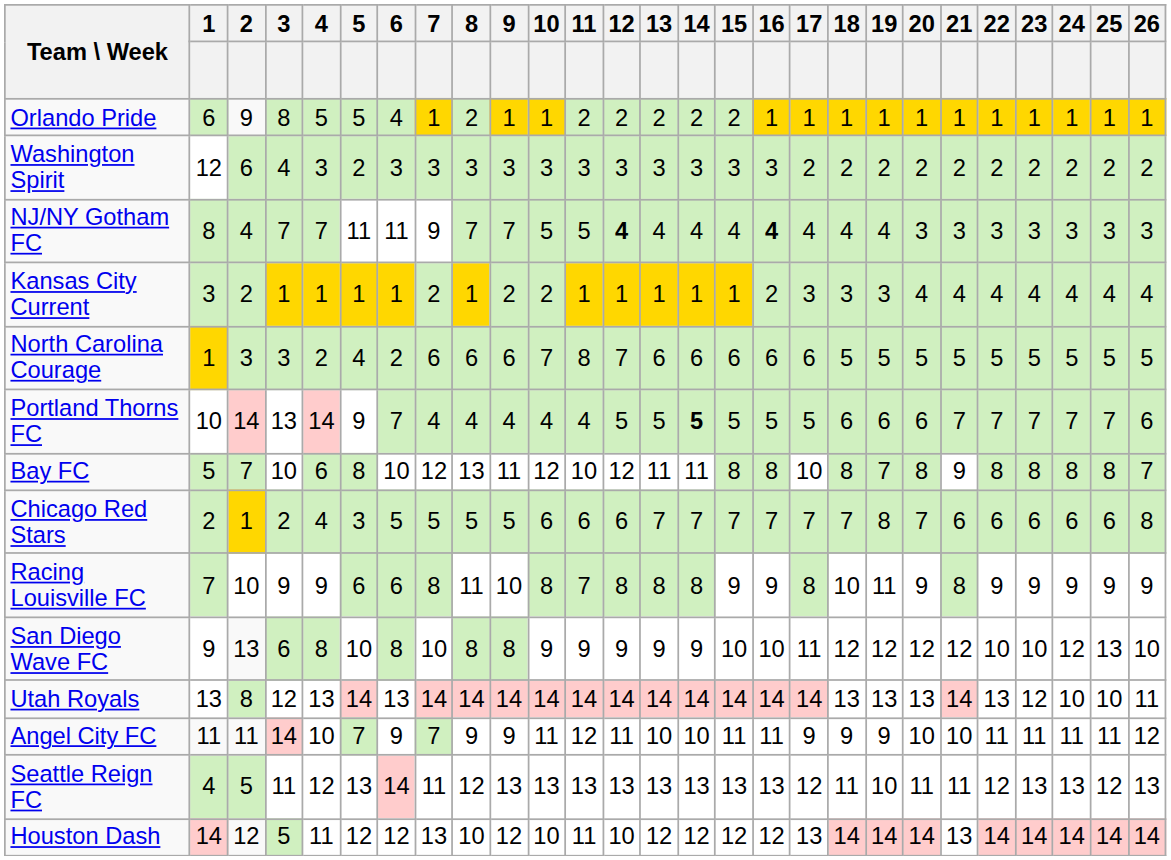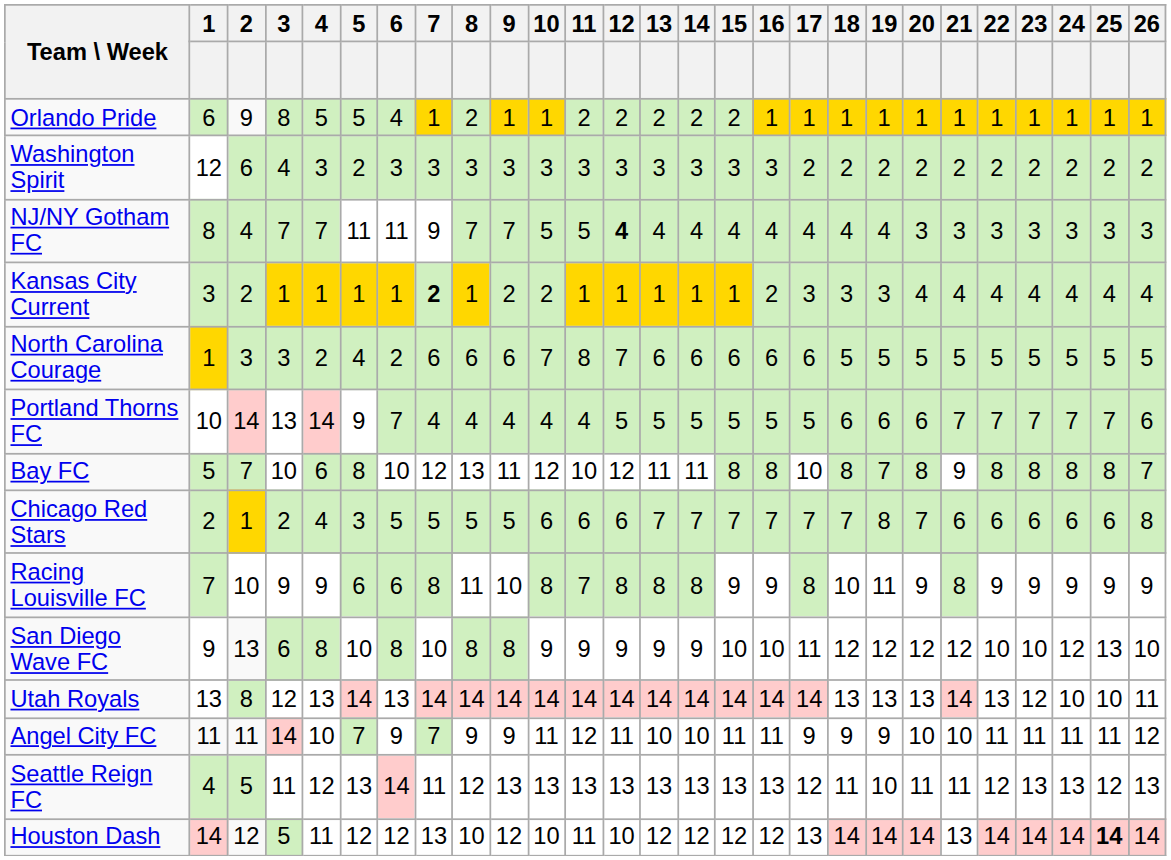 <table class="wikitable sortable" style="font-size: 85%; text-align:center;">
 <tr>
 <th rowspan="2" style="width:100px;">Team \ Week</th>
 <th align=center>1</th>
 <th align=center>2</th>
 <th align=center>3</th>
 <th align=center>4</th>
 <th align=center>5</th>
 <th align=center>6</th>
 <th align=center>7</th>
 <th align=center>8</th>
 <th align=center>9</th>
 <th align=center>10</th>
 <th align=center>11</th>
 <th align=center>12</th>
 <th align=center>13</th>
 <th align=center>14</th>
 <th align=center>15</th>
 <th align=center>16</th>
 <th align=center>17</th>
 <th align=center>18</th>
 <th align=center>19</th>
 <th align=center>20</th>
 <th align=center>21</th>
 <th align=center>22</th>
 <th align=center>23</th>
 <th align=center>24</th>
 <th align=center>25</th>
 <th align=center>26</th>
 </tr>
 <tr>
 <th style="text-align:center; height:26px;"></th>
 <th align=center></th>
 <th align=center></th>
 <th align=center></th>
 <th align=center></th>
 <th align=center></th>
 <th align=center></th>
 <th align=center></th>
 <th align=center></th>
 <th align=center></th>
 <th align=center></th>
 <th align=center></th>
 <th align=center></th>
 <th align=center></th>
 <th align=center></th>
 <th align=center></th>
 <th align=center></th>
 <th align=center></th>
 <th align=center></th>
 <th align=center></th>
 <th align=center></th>
 <th align=center></th>
 <th align=center></th>
 <th align=center></th>
 <th align=center></th>
 <th align=center></th>
 </tr>
 <tr align=center>
 <td align=left><a href='#'>Orlando Pride</a></td>
 <td style="background:#D0F0C0">6</td>
 <td style="background:#white;">9</td>
 <td style="background:#D0F0C0;">8</td>
 <td style="background:#D0F0C0">5</td>
 <td style="background:#D0F0C0;">5</td>
 <td style="background:#D0F0C0;">4</td>
 <td style="background:gold;">1</td>
 <td style="background:#D0F0C0;">2</td>
 <td style="background:gold;">1</td>
 <td style="background:gold;">1</td>
 <td style="background:#D0F0C0;">2</td>
 <td style="background:#D0F0C0;">2</td>
 <td style="background:#D0F0C0;">2</td>
 <td style="background:#D0F0C0;">2</td>
 <td style="background:#D0F0C0;">2</td>
 <td style="background:gold;">1</td>
 <td style="background:gold;">1</td>
 <td style="background:gold;">1</td>
 <td style="background:gold;">1</td>
 <td style="background:gold;">1</td>
 <td style="background:gold;">1</td>
 <td style="background:gold;">1</td>
 <td style="background:gold;">1</td>
 <td style="background:gold;">1</td>
 <td style="background:gold;">1</td>
 <td style="background:gold;">1</td>
 </tr>
 <tr align=center>
 <td align=left><a href='#'>Washington Spirit</a></td>
 <td style="background:white;">12</td>
 <td style="background:#D0F0C0;">6</td>
 <td style="background:#D0F0C0;">4</td>
 <td style="background:#D0F0C0">3</td>
 <td style="background:#D0F0C0;">2</td>
 <td style="background:#D0F0C0;">3</td>
 <td style="background:#D0F0C0;">3</td>
 <td style="background:#D0F0C0;">3</td>
 <td style="background:#D0F0C0;">3</td>
 <td style="background:#D0F0C0;">3</td>
 <td style="background:#D0F0C0;">3</td>
 <td style="background:#D0F0C0;">3</td>
 <td style="background:#D0F0C0;">3</td>
 <td style="background:#D0F0C0;">3</td>
 <td style="background:#D0F0C0;">3</td>
 <td style="background:#D0F0C0;">3</td>
 <td style="background:#D0F0C0;">2</td>
 <td style="background:#D0F0C0;">2</td>
 <td style="background:#D0F0C0;">2</td>
 <td style="background:#D0F0C0;">2</td>
 <td style="background:#D0F0C0;">2</td>
 <td style="background:#D0F0C0;">2</td>
 <td style="background:#D0F0C0;">2</td>
 <td style="background:#D0F0C0;">2</td>
 <td style="background:#D0F0C0;">2</td>
 <td style="background:#D0F0C0;">2</td>
 </tr>
 <tr align=center>
 <td align=left><a href='#'>NJ/NY Gotham FC</a></td>
 <td style="background:#D0F0C0">8</td>
 <td style="background:#D0F0C0">4</td>
 <td style="background:#D0F0C0;">7</td>
 <td style="background:#D0F0C0">7</td>
 <td style="background:white;">11</td>
 <td style="background:white;">11</td>
 <td style="background:white;">9</td>
 <td style="background:#D0F0C0;">7</td>
 <td style="background:#D0F0C0;">7</td>
 <td style="background:#D0F0C0;">5</td>
 <td style="background:#D0F0C0;">5</td>
 <td style="background:#D0F0C0;"><strong>4</strong></td>
 <td style="background:#D0F0C0;">4</td>
 <td style="background:#D0F0C0;">4</td>
 <td style="background:#D0F0C0;">4</td>
-<td style="background:#D0F0C0;"><strong>4</strong></td>
+<td style="background:#D0F0C0;">4</td>
 <td style="background:#D0F0C0;">4</td>
 <td style="background:#D0F0C0;">4</td>
 <td style="background:#D0F0C0;">4</td>
 <td style="background:#D0F0C0;">3</td>
 <td style="background:#D0F0C0;">3</td>
 <td style="background:#D0F0C0;">3</td>
 <td style="background:#D0F0C0;">3</td>
 <td style="background:#D0F0C0;">3</td>
 <td style="background:#D0F0C0;">3</td>
 <td style="background:#D0F0C0;">3</td>
 </tr>
 <tr align=center>
 <td align=left><a href='#'>Kansas City Current</a></td>
 <td style="background:#D0F0C0">3</td>
 <td style="background:#D0F0C0">2</td>
 <td style="background:gold;">1</td>
 <td style="background:gold;">1</td>
 <td style="background:gold;">1</td>
 <td style="background:gold;">1</td>
-<td style="background:#D0F0C0;">2</td>
+<td style="background:#D0F0C0;"><strong>2</strong></td>
 <td style="background:gold;">1</td>
 <td style="background:#D0F0C0;">2</td>
 <td style="background:#D0F0C0;">2</td>
 <td style="background:gold;">1</td>
 <td style="background:gold;">1</td>
 <td style="background:gold;">1</td>
 <td style="background:gold;">1</td>
 <td style="background:gold;">1</td>
 <td style="background:#D0F0C0;">2</td>
 <td style="background:#D0F0C0;">3</td>
 <td style="background:#D0F0C0;">3</td>
 <td style="background:#D0F0C0;">3</td>
 <td style="background:#D0F0C0;">4</td>
 <td style="background:#D0F0C0;">4</td>
 <td style="background:#D0F0C0;">4</td>
 <td style="background:#D0F0C0;">4</td>
 <td style="background:#D0F0C0;">4</td>
 <td style="background:#D0F0C0;">4</td>
 <td style="background:#D0F0C0;">4</td>
 </tr>
 <tr align=center>
 <td align=left><a href='#'>North Carolina Courage</a></td>
 <td style="background:gold;">1</td>
 <td style="background:#D0F0C0">3</td>
 <td style="background:#D0F0C0">3</td>
 <td style="background:#D0F0C0">2</td>
 <td style="background:#D0F0C0;">4</td>
 <td style="background:#D0F0C0;">2</td>
 <td style="background:#D0F0C0;">6</td>
 <td style="background:#D0F0C0;">6</td>
 <td style="background:#D0F0C0;">6</td>
 <td style="background:#D0F0C0;">7</td>
 <td style="background:#D0F0C0;">8</td>
 <td style="background:#D0F0C0;">7</td>
 <td style="background:#D0F0C0;">6</td>
 <td style="background:#D0F0C0;">6</td>
 <td style="background:#D0F0C0;">6</td>
 <td style="background:#D0F0C0;">6</td>
 <td style="background:#D0F0C0;">6</td>
 <td style="background:#D0F0C0;">5</td>
 <td style="background:#D0F0C0;">5</td>
 <td style="background:#D0F0C0;">5</td>
 <td style="background:#D0F0C0;">5</td>
 <td style="background:#D0F0C0;">5</td>
 <td style="background:#D0F0C0;">5</td>
 <td style="background:#D0F0C0;">5</td>
 <td style="background:#D0F0C0;">5</td>
 <td style="background:#D0F0C0;">5</td>
 </tr>
 <tr align=center>
 <td align=left><a href='#'>Portland Thorns FC</a></td>
 <td style="background:white">10</td>
 <td style="background:#fcc;">14</td>
 <td style="background:white;">13</td>
 <td style="background:#fcc;">14</td>
 <td style="background:white;">9</td>
 <td style="background:#D0F0C0;">7</td>
 <td style="background:#D0F0C0;">4</td>
 <td style="background:#D0F0C0;">4</td>
 <td style="background:#D0F0C0;">4</td>
 <td style="background:#D0F0C0;">4</td>
 <td style="background:#D0F0C0;">4</td>
 <td style="background:#D0F0C0;">5</td>
 <td style="background:#D0F0C0;">5</td>
-<td style="background:#D0F0C0;"><strong>5</strong></td>
+<td style="background:#D0F0C0;">5</td>
 <td style="background:#D0F0C0;">5</td>
 <td style="background:#D0F0C0;">5</td>
 <td style="background:#D0F0C0;">5</td>
 <td style="background:#D0F0C0;">6</td>
 <td style="background:#D0F0C0;">6</td>
 <td style="background:#D0F0C0;">6</td>
 <td style="background:#D0F0C0;">7</td>
 <td style="background:#D0F0C0;">7</td>
 <td style="background:#D0F0C0;">7</td>
 <td style="background:#D0F0C0;">7</td>
 <td style="background:#D0F0C0;">7</td>
 <td style="background:#D0F0C0;">6</td>
 </tr>
 <tr align=center>
 <td align=left><a href='#'>Bay FC</a></td>
 <td style="background:#D0F0C0;">5</td>
 <td style="background:#D0F0C0;">7</td>
 <td style="background:white;">10</td>
 <td style="background:#D0F0C0">6</td>
 <td style="background:#D0F0C0;">8</td>
 <td style="background:white;">10</td>
 <td style="background:white;">12</td>
 <td style="background:white;">13</td>
 <td style="background:white;">11</td>
 <td style="background:white;">12</td>
 <td style="background:white;">10</td>
 <td style="background:white;">12</td>
 <td style="background:white;">11</td>
 <td style="background:white;">11</td>
 <td style="background:#D0F0C0;">8</td>
 <td style="background:#D0F0C0;">8</td>
 <td style="background:white;">10</td>
 <td style="background:#D0F0C0;">8</td>
 <td style="background:#D0F0C0;">7</td>
 <td style="background:#D0F0C0;">8</td>
 <td style="background:white;">9</td>
 <td style="background:#D0F0C0;">8</td>
 <td style="background:#D0F0C0;">8</td>
 <td style="background:#D0F0C0;">8</td>
 <td style="background:#D0F0C0;">8</td>
 <td style="background:#D0F0C0;">7</td>
 </tr>
 <tr align=center>
 <td align=left><a href='#'>Chicago Red Stars</a></td>
 <td style="background:#D0F0C0">2</td>
 <td style="background:gold;">1</td>
 <td style="background:#D0F0C0">2</td>
 <td style="background:#D0F0C0">4</td>
 <td style="background:#D0F0C0;">3</td>
 <td style="background:#D0F0C0;">5</td>
 <td style="background:#D0F0C0;">5</td>
 <td style="background:#D0F0C0;">5</td>
 <td style="background:#D0F0C0;">5</td>
 <td style="background:#D0F0C0;">6</td>
 <td style="background:#D0F0C0;">6</td>
 <td style="background:#D0F0C0;">6</td>
 <td style="background:#D0F0C0;">7</td>
 <td style="background:#D0F0C0;">7</td>
 <td style="background:#D0F0C0;">7</td>
 <td style="background:#D0F0C0;">7</td>
 <td style="background:#D0F0C0;">7</td>
 <td style="background:#D0F0C0;">7</td>
 <td style="background:#D0F0C0;">8</td>
 <td style="background:#D0F0C0;">7</td>
 <td style="background:#D0F0C0;">6</td>
 <td style="background:#D0F0C0;">6</td>
 <td style="background:#D0F0C0;">6</td>
 <td style="background:#D0F0C0;">6</td>
 <td style="background:#D0F0C0;">6</td>
 <td style="background:#D0F0C0;">8</td>
 </tr>
 <tr align=center>
 <td align=left><a href='#'>Racing Louisville FC</a></td>
 <td style="background:#D0F0C0">7</td>
 <td style="background:white;">10</td>
 <td style="background:white;">9</td>
 <td style="background:white;">9</td>
 <td style="background:#D0F0C0;">6</td>
 <td style="background:#D0F0C0;">6</td>
 <td style="background:#D0F0C0;">8</td>
 <td style="background:white;">11</td>
 <td style="background:white;">10</td>
 <td style="background:#D0F0C0;">8</td>
 <td style="background:#D0F0C0;">7</td>
 <td style="background:#D0F0C0;">8</td>
 <td style="background:#D0F0C0;">8</td>
 <td style="background:#D0F0C0;">8</td>
 <td style="background:white;">9</td>
 <td style="background:white;">9</td>
 <td style="background:#D0F0C0;">8</td>
 <td style="background:white;">10</td>
 <td style="background:white;">11</td>
 <td style="background:white;">9</td>
 <td style="background:#D0F0C0;">8</td>
 <td style="background:white;">9</td>
 <td style="background:white;">9</td>
 <td style="background:white;">9</td>
 <td style="background:white;">9</td>
 <td style="background:white;">9</td>
 </tr>
 <tr align=center>
 <td align=left><a href='#'>San Diego Wave FC</a></td>
 <td style="background:white;">9</td>
 <td style="background:#white">13</td>
 <td style="background:#D0F0C0;">6</td>
 <td style="background:#D0F0C0">8</td>
 <td style="background:white;">10</td>
 <td style="background:#D0F0C0;">8</td>
 <td style="background:white;">10</td>
 <td style="background:#D0F0C0;">8</td>
 <td style="background:#D0F0C0;">8</td>
 <td style="background:white;">9</td>
 <td style="background:white;">9</td>
 <td style="background:white;">9</td>
 <td style="background:white;">9</td>
 <td style="background:white;">9</td>
 <td style="background:white;">10</td>
 <td style="background:white;">10</td>
 <td style="background:white;">11</td>
 <td style="background:white;">12</td>
 <td style="background:white;">12</td>
 <td style="background:white;">12</td>
 <td style="background:white;">12</td>
 <td style="background:white;">10</td>
 <td style="background:white;">10</td>
 <td style="background:white;">12</td>
 <td style="background:white;">13</td>
 <td style="background:white;">10</td>
 </tr>
 <tr align=center>
 <td align=left><a href='#'>Utah Royals</a></td>
 <td style="background:white;">13</td>
 <td style="background:#D0F0C0;">8</td>
 <td style="background:white;">12</td>
 <td style="background:white;">13</td>
 <td style="background:#fcc;">14</td>
 <td style="background:white;">13</td>
 <td style="background:#fcc;">14</td>
 <td style="background:#fcc;">14</td>
 <td style="background:#fcc;">14</td>
 <td style="background:#fcc;">14</td>
 <td style="background:#fcc;">14</td>
 <td style="background:#fcc;">14</td>
 <td style="background:#fcc;">14</td>
 <td style="background:#fcc;">14</td>
 <td style="background:#fcc;">14</td>
 <td style="background:#fcc;">14</td>
 <td style="background:#fcc;">14</td>
 <td style="background:white;">13</td>
 <td style="background:white;">13</td>
 <td style="background:white;">13</td>
 <td style="background:#fcc;">14</td>
 <td style="background:white;">13</td>
 <td style="background:white;">12</td>
 <td style="background:white;">10</td>
 <td style="background:white;">10</td>
 <td style="background:white;">11</td>
 </tr>
 <tr align=center>
 <td align=left><a href='#'>Angel City FC</a></td>
 <td style="background:#white">11</td>
 <td style="background:#white">11</td>
 <td style="background:#fcc;">14</td>
 <td style="background:white;">10</td>
 <td style="background:#D0F0C0;">7</td>
 <td style="background:white;">9</td>
 <td style="background:#D0F0C0;">7</td>
 <td style="background:white;">9</td>
 <td style="background:white;">9</td>
 <td style="background:white;">11</td>
 <td style="background:white;">12</td>
 <td style="background:white;">11</td>
 <td style="background:white;">10</td>
 <td style="background:white;">10</td>
 <td style="background:white;">11</td>
 <td style="background:white;">11</td>
 <td style="background:white;">9</td>
 <td style="background:white;">9</td>
 <td style="background:white;">9</td>
 <td style="background:white;">10</td>
 <td style="background:white;">10</td>
 <td style="background:white;">11</td>
 <td style="background:white;">11</td>
 <td style="background:white;">11</td>
 <td style="background:white;">11</td>
 <td style="background:white;">12</td>
 </tr>
 <tr align=center>
 <td align=left><a href='#'>Seattle Reign FC</a></td>
 <td style="background:#D0F0C0;">4</td>
 <td style="background:#D0F0C0;">5</td>
 <td style="background:white;">11</td>
 <td style="background:white;">12</td>
 <td style="background:white;">13</td>
 <td style="background:#fcc;">14</td>
 <td style="background:white;">11</td>
 <td style="background:white;">12</td>
 <td style="background:white;">13</td>
 <td style="background:white;">13</td>
 <td style="background:white;">13</td>
 <td style="background:white;">13</td>
 <td style="background:white;">13</td>
 <td style="background:white;">13</td>
 <td style="background:white;">13</td>
 <td style="background:white;">13</td>
 <td style="background:white;">12</td>
 <td style="background:white;">11</td>
 <td style="background:white;">10</td>
 <td style="background:white;">11</td>
 <td style="background:white;">11</td>
 <td style="background:white;">12</td>
 <td style="background:white;">13</td>
 <td style="background:white;">13</td>
 <td style="background:white;">12</td>
 <td style="background:white;">13</td>
 </tr>
 <tr align=center>
 <td align=left><a href='#'>Houston Dash</a></td>
 <td style="background:#fcc;">14</td>
 <td style="background:#white">12</td>
 <td style="background:#D0F0C0;">5</td>
 <td style="background:white;">11</td>
 <td style="background:white;">12</td>
 <td style="background:white;">12</td>
 <td style="background:white;">13</td>
 <td style="background:white;">10</td>
 <td style="background:white;">12</td>
 <td style="background:white;">10</td>
 <td style="background:white;">11</td>
 <td style="background:white;">10</td>
 <td style="background:white;">12</td>
 <td style="background:white;">12</td>
 <td style="background:white;">12</td>
 <td style="background:white;">12</td>
 <td style="background:white;">13</td>
 <td style="background:#fcc;">14</td>
 <td style="background:#fcc;">14</td>
 <td style="background:#fcc;">14</td>
 <td style="background:white;">13</td>
 <td style="background:#fcc;">14</td>
 <td style="background:#fcc;">14</td>
 <td style="background:#fcc;">14</td>
-<td style="background:#fcc;">14</td>
+<td style="background:#fcc;"><strong>14</strong></td>
 <td style="background:#fcc;">14</td>
 </tr>
 </table>
